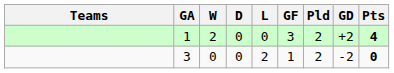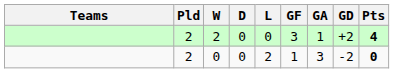 <table class="wikitable" style="text-align: center;">
 <tr>
 <th width=165>Teams</th>
-<th width=20>GA</th>
+<th width=20>Pld</th>
 <th width=20>W</th>
 <th width=20>D</th>
 <th width=20>L</th>
 <th width=20>GF</th>
-<th width=20>Pld</th>
+<th width=20>GA</th>
 <th width=20>GD</th>
 <th width=20>Pts</th>
 </tr>
 <tr align=center style="background:#ccffcc;">
 <td style="text-align:left;"></td>
-<td>1</td>
+<td>2</td>
 <td>2</td>
 <td>0</td>
 <td>0</td>
 <td>3</td>
-<td>2</td>
+<td>1</td>
 <td>+2</td>
 <td><strong>4</strong></td>
 </tr>
 <tr align=center>
 <td style="text-align:left;"></td>
-<td>3</td>
+<td>2</td>
 <td>0</td>
 <td>0</td>
 <td>2</td>
 <td>1</td>
-<td>2</td>
+<td>3</td>
 <td>-2</td>
 <td><strong>0</strong></td>
 </tr>
 </table>
